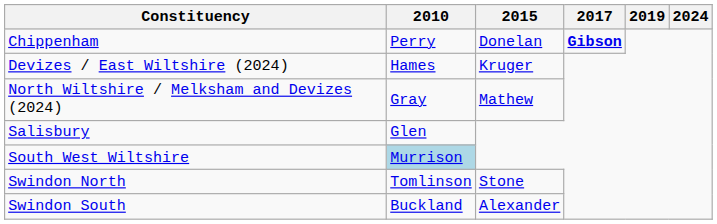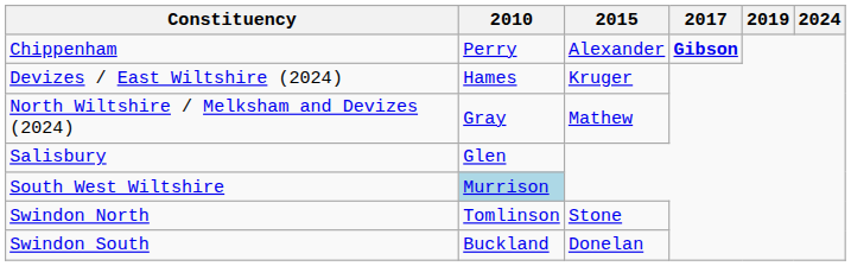 <table class="wikitable">
 <tr>
 <th>Constituency</th>
 <th>2010</th>
 <th>2015</th>
 <th>2017</th>
 <th>2019</th>
 <th>2024</th>
 </tr>
 <tr>
 <td><a href='#'>Chippenham</a></td>
 <td><a href='#'>Perry</a></td>
-<td><a href='#'>Donelan</a></td>
+<td><a href='#'>Alexander</a></td>
 <td><strong><a href='#'>Gibson</a></strong></td>
 </tr>
 <tr>
 <td><a href='#'>Devizes</a> / <a href='#'>East Wiltshire</a> (2024)</td>
 <td><a href='#'>Hames</a></td>
 <td><a href='#'>Kruger</a></td>
 </tr>
 <tr>
 <td><a href='#'>North Wiltshire</a> / <a href='#'>Melksham and Devizes</a> (2024)</td>
 <td><a href='#'>Gray</a></td>
 <td><a href='#'>Mathew</a></td>
 </tr>
 <tr>
 <td><a href='#'>Salisbury</a></td>
 <td><a href='#'>Glen</a></td>
 </tr>
 <tr>
 <td><a href='#'>South West Wiltshire</a></td>
 <td style="background: lightblue;"><a href='#'>Murrison</a></td>
 </tr>
 <tr>
 <td><a href='#'>Swindon North</a></td>
 <td><a href='#'>Tomlinson</a></td>
 <td><a href='#'>Stone</a></td>
 </tr>
 <tr>
 <td><a href='#'>Swindon South</a></td>
 <td><a href='#'>Buckland</a></td>
-<td><a href='#'>Alexander</a></td>
+<td><a href='#'>Donelan</a></td>
 </tr>
 </table>
